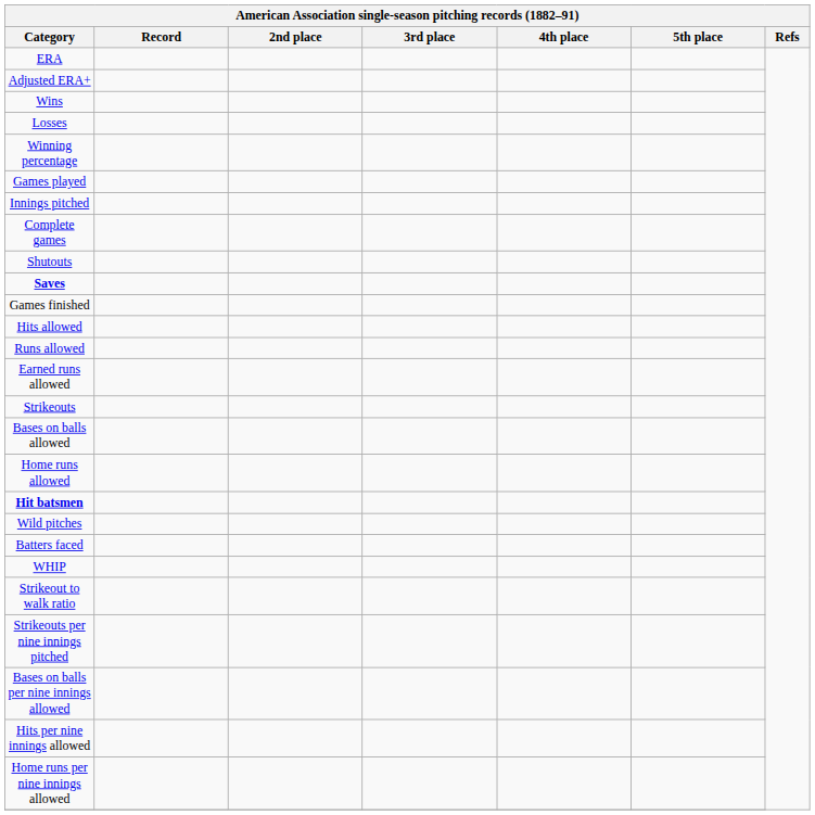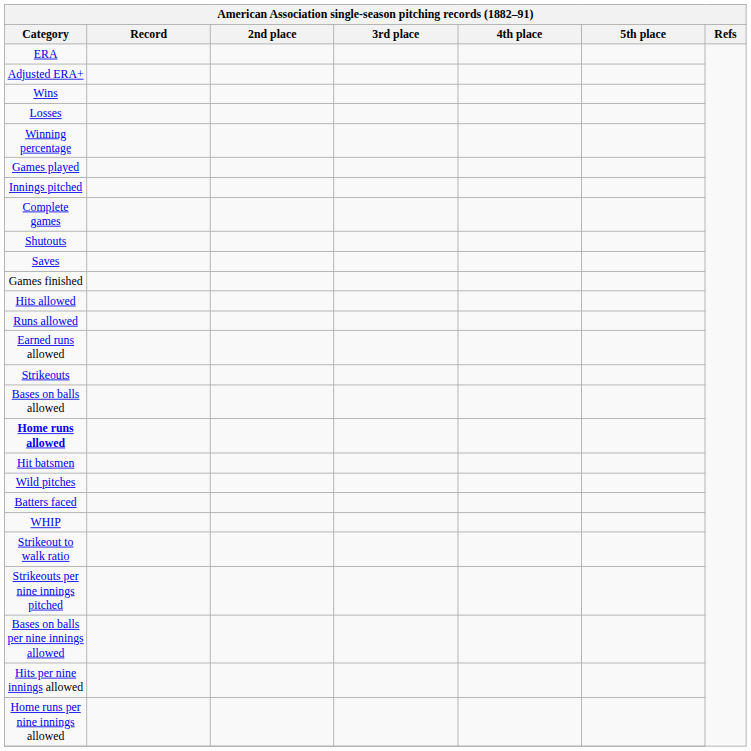 <table class="wikitable" style="text-align:center; font-size:88%; width:100%">
 <tr>
 <th colspan=7>American Association single-season pitching records (1882–91)</th>
 </tr>
 <tr>
 <th scope="col" width=10%>Category</th>
 <th scope="col" width=15%>Record</th>
 <th scope="col" width=15%>2nd place</th>
 <th scope="col" width=15%>3rd place</th>
 <th scope="col" width=15%>4th place</th>
 <th scope="col" width=15%>5th place</th>
 <th scope="col" width=5%>Refs</th>
 </tr>
 <tr>
 <td><a href='#'>ERA</a></td>
 <td></td>
 <td></td>
 <td></td>
 <td></td>
 <td></td>
 </tr>
 <tr>
 <td><a href='#'>Adjusted ERA+</a></td>
 <td></td>
 <td></td>
 <td></td>
 <td></td>
 <td></td>
 </tr>
 <tr>
 <td><a href='#'>Wins</a></td>
 <td></td>
 <td></td>
 <td></td>
 <td></td>
 <td></td>
 </tr>
 <tr>
 <td><a href='#'>Losses</a></td>
 <td></td>
 <td></td>
 <td></td>
 <td></td>
 <td></td>
 </tr>
 <tr>
 <td><a href='#'>Winning percentage</a></td>
 <td></td>
 <td></td>
 <td></td>
 <td></td>
 <td></td>
 </tr>
 <tr>
 <td><a href='#'>Games played</a></td>
 <td></td>
 <td></td>
 <td></td>
 <td></td>
 <td></td>
 </tr>
 <tr>
 <td><a href='#'>Innings pitched</a></td>
 <td></td>
 <td></td>
 <td></td>
 <td></td>
 <td></td>
 </tr>
 <tr>
 <td><a href='#'>Complete games</a></td>
 <td></td>
 <td></td>
 <td></td>
 <td></td>
 <td></td>
 </tr>
 <tr>
 <td><a href='#'>Shutouts</a></td>
 <td></td>
 <td></td>
 <td></td>
 <td></td>
 <td></td>
 </tr>
 <tr>
-<td><strong><a href='#'>Saves</a></strong></td>
+<td><a href='#'>Saves</a></td>
 <td></td>
 <td></td>
 <td></td>
 <td></td>
 <td></td>
 </tr>
 <tr>
 <td>Games finished</td>
 <td></td>
 <td></td>
 <td></td>
 <td></td>
 <td></td>
 </tr>
 <tr>
 <td><a href='#'>Hits allowed</a></td>
 <td></td>
 <td></td>
 <td></td>
 <td></td>
 <td></td>
 </tr>
 <tr>
 <td><a href='#'>Runs allowed</a></td>
 <td></td>
 <td></td>
 <td></td>
 <td></td>
 <td></td>
 </tr>
 <tr>
 <td><a href='#'>Earned runs</a> allowed</td>
 <td></td>
 <td></td>
 <td></td>
 <td></td>
 <td></td>
 </tr>
 <tr>
 <td><a href='#'>Strikeouts</a></td>
 <td></td>
 <td></td>
 <td></td>
 <td></td>
 <td></td>
 </tr>
 <tr>
 <td><a href='#'>Bases on balls</a> allowed</td>
 <td></td>
 <td></td>
 <td></td>
 <td></td>
 <td></td>
 </tr>
 <tr>
-<td><a href='#'>Home runs allowed</a></td>
+<td><strong><a href='#'>Home runs allowed</a></strong></td>
 <td></td>
 <td></td>
 <td></td>
 <td></td>
 <td></td>
 </tr>
 <tr>
-<td><strong><a href='#'>Hit batsmen</a></strong></td>
+<td><a href='#'>Hit batsmen</a></td>
 <td></td>
 <td></td>
 <td></td>
 <td></td>
 <td></td>
 </tr>
 <tr>
 <td><a href='#'>Wild pitches</a></td>
 <td></td>
 <td></td>
 <td></td>
 <td></td>
 <td></td>
 </tr>
 <tr>
 <td><a href='#'>Batters faced</a></td>
 <td></td>
 <td></td>
 <td></td>
 <td></td>
 <td></td>
 </tr>
 <tr>
 <td><a href='#'>WHIP</a></td>
 <td></td>
 <td></td>
 <td></td>
 <td></td>
 <td></td>
 </tr>
 <tr>
 <td><a href='#'>Strikeout to walk ratio</a></td>
 <td></td>
 <td></td>
 <td></td>
 <td></td>
 <td></td>
 </tr>
 <tr>
 <td><a href='#'>Strikeouts per nine innings pitched</a></td>
 <td></td>
 <td></td>
 <td></td>
 <td></td>
 <td></td>
 </tr>
 <tr>
 <td><a href='#'>Bases on balls per nine innings allowed</a></td>
 <td></td>
 <td></td>
 <td></td>
 <td></td>
 <td></td>
 </tr>
 <tr>
 <td><a href='#'>Hits per nine innings</a> allowed</td>
 <td></td>
 <td></td>
 <td></td>
 <td></td>
 <td></td>
 </tr>
 <tr>
 <td><a href='#'>Home runs per nine innings</a> allowed</td>
 <td></td>
 <td></td>
 <td></td>
 <td></td>
 <td></td>
 </tr>
 <tr>
 </tr>
 </table>
